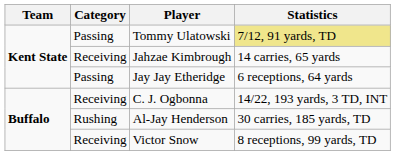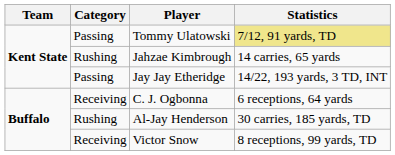 <table class="wikitable" style="float:right">
 <tr>
 <th>Team</th>
 <th>Category</th>
 <th>Player</th>
 <th>Statistics</th>
 </tr>
 <tr>
 <td rowspan=3><strong>Kent State</strong></td>
 <td>Passing</td>
 <td>Tommy Ulatowski</td>
 <td style="background: khaki;">7/12, 91 yards, TD</td>
 </tr>
 <tr>
-<td>Receiving</td>
+<td>Rushing</td>
 <td>Jahzae Kimbrough</td>
 <td>14 carries, 65 yards</td>
 </tr>
 <tr>
 <td>Passing</td>
 <td>Jay Jay Etheridge</td>
-<td>6 receptions, 64 yards</td>
+<td>14/22, 193 yards, 3 TD, INT</td>
 </tr>
 <tr>
 <td rowspan=3><strong>Buffalo</strong></td>
 <td>Receiving</td>
 <td>C. J. Ogbonna</td>
-<td>14/22, 193 yards, 3 TD, INT</td>
+<td>6 receptions, 64 yards</td>
 </tr>
 <tr>
 <td>Rushing</td>
 <td>Al-Jay Henderson</td>
 <td>30 carries, 185 yards, TD</td>
 </tr>
 <tr>
 <td>Receiving</td>
 <td>Victor Snow</td>
 <td>8 receptions, 99 yards, TD</td>
 </tr>
 </table>
